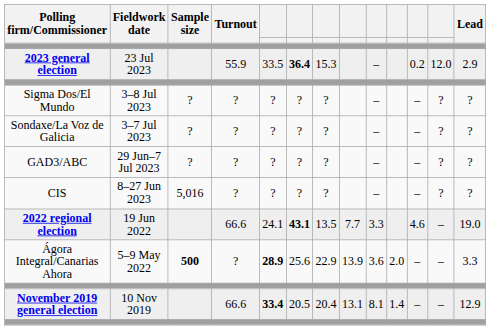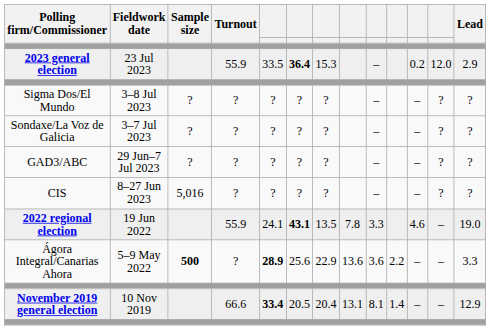 <table class="wikitable collapsible collapsed" style="text-align:center; font-size:95%; line-height:16px;">
 <tr style="height:42px;">
 <th style="width:250px;" rowspan="2">Polling firm/Commissioner</th>
 <th style="width:125px;" rowspan="2">Fieldwork date</th>
 <th style="width:50px;" rowspan="2">Sample size</th>
 <th style="width:45px;" rowspan="2">Turnout</th>
 <th style="width:35px;"></th>
 <th style="width:35px;"></th>
 <th style="width:35px;"></th>
 <th style="width:35px;"></th>
 <th style="width:35px;"></th>
 <th style="width:35px;"></th>
 <th style="width:35px;"></th>
 <th style="width:35px;"></th>
 <th style="width:30px;" rowspan="2">Lead</th>
 </tr>
 <tr>
 <th style="color:inherit;background:"></th>
 <th style="color:inherit;background:"></th>
 <th style="color:inherit;background:"></th>
 <th style="color:inherit;background:"></th>
 <th style="color:inherit;background:"></th>
 <th style="color:inherit;background:"></th>
 <th style="color:inherit;background:"></th>
 <th style="color:inherit;background:"></th>
 </tr>
 <tr>
 <td colspan="13" style="background:#A0A0A0"></td>
 </tr>
 <tr style="background:#EFEFEF;">
 <td><strong><a href='#'>2023 general election</a></strong></td>
 <td>23 Jul 2023</td>
 <td></td>
 <td>55.9</td>
 <td>33.5<br></td>
 <td><strong>36.4</strong><br></td>
 <td>15.3<br></td>
 <td></td>
 <td>–</td>
 <td></td>
 <td>0.2<br></td>
 <td>12.0<br></td>
 <td style="background:">2.9</td>
 </tr>
 <tr>
 <td colspan="13" style="background:#A0A0A0"></td>
 </tr>
 <tr>
 <td>Sigma Dos/El Mundo</td>
 <td>3–8 Jul 2023</td>
 <td>?</td>
 <td>?</td>
 <td>?<br></td>
 <td>?<br></td>
 <td>?<br></td>
 <td></td>
 <td>–</td>
 <td></td>
 <td>–</td>
 <td>?<br></td>
 <td style="background:">?</td>
 </tr>
 <tr>
 <td>Sondaxe/La Voz de Galicia</td>
 <td>3–7 Jul 2023</td>
 <td>?</td>
 <td>?</td>
 <td>?<br></td>
 <td>?<br></td>
 <td>?<br></td>
 <td></td>
 <td>–</td>
 <td></td>
 <td>–</td>
 <td>?<br></td>
 <td style="background:">?</td>
 </tr>
 <tr>
 <td>GAD3/ABC</td>
 <td>29 Jun–7 Jul 2023</td>
 <td>?</td>
 <td>?</td>
 <td>?<br></td>
 <td>?<br></td>
 <td>?<br></td>
 <td></td>
 <td>–</td>
 <td></td>
 <td>–</td>
 <td>?<br></td>
 <td style="background:">?</td>
 </tr>
 <tr>
 <td>CIS</td>
 <td>8–27 Jun 2023</td>
 <td>5,016</td>
 <td>?</td>
 <td>?<br></td>
 <td>?<br></td>
 <td>?<br></td>
 <td></td>
 <td>–</td>
 <td></td>
 <td>–</td>
 <td>?<br></td>
 <td style="background:">?</td>
 </tr>
 <tr style="background:#EFEFEF;">
 <td><strong><a href='#'>2022 regional election</a></strong></td>
 <td>19 Jun 2022</td>
 <td></td>
-<td>66.6</td>
+<td>55.9</td>
 <td>24.1<br></td>
 <td><strong>43.1</strong><br></td>
 <td>13.5<br></td>
-<td>7.7<br></td>
+<td>7.8<br></td>
 <td>3.3<br></td>
 <td></td>
 <td>4.6<br></td>
 <td>–</td>
 <td style="background:">19.0</td>
 </tr>
 <tr>
 <td>Ágora Integral/Canarias Ahora</td>
 <td>5–9 May 2022</td>
 <td><strong>500</strong></td>
 <td>?</td>
 <td><strong>28.9</strong><br></td>
 <td>25.6<br></td>
 <td>22.9<br></td>
-<td>13.9<br></td>
+<td>13.6<br></td>
 <td>3.6<br></td>
-<td>2.0<br></td>
+<td>2.2<br></td>
 <td>–</td>
 <td>–</td>
 <td style="background:">3.3</td>
 </tr>
 <tr>
 <td colspan="13" style="background:#A0A0A0"></td>
 </tr>
 <tr style="background:#EFEFEF;">
 <td><strong><a href='#'>November 2019 general election</a></strong></td>
 <td>10 Nov 2019</td>
 <td></td>
 <td>66.6</td>
 <td><strong>33.4</strong><br></td>
 <td>20.5<br></td>
 <td>20.4<br></td>
 <td>13.1<br></td>
 <td>8.1<br></td>
 <td>1.4<br></td>
 <td>–</td>
 <td>–</td>
 <td style="background:">12.9</td>
 </tr>
 <tr>
 <td colspan="13" style="background:#A0A0A0"></td>
 </tr>
 </table>
